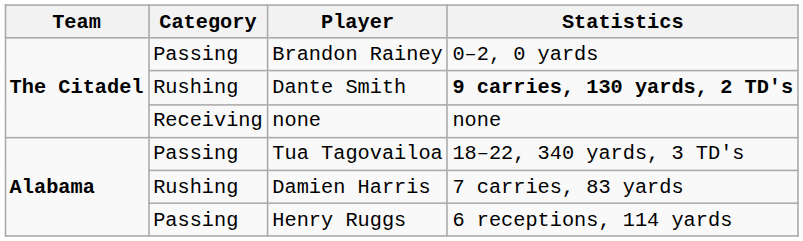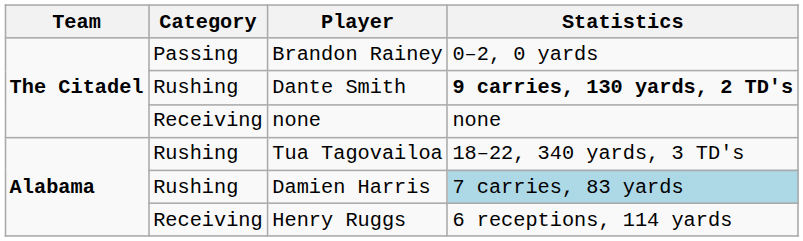 <table class="wikitable" style="float: right;">
 <tr>
 <th>Team</th>
 <th>Category</th>
 <th>Player</th>
 <th>Statistics</th>
 </tr>
 <tr>
 <td rowspan=3><strong>The Citadel</strong></td>
 <td>Passing</td>
 <td>Brandon Rainey</td>
 <td>0–2, 0 yards</td>
 </tr>
 <tr>
 <td>Rushing</td>
 <td>Dante Smith</td>
 <td><strong>9 carries, 130 yards, 2 TD's</strong></td>
 </tr>
 <tr>
 <td>Receiving</td>
 <td>none</td>
 <td>none</td>
 </tr>
 <tr>
 <td rowspan=3><strong>Alabama</strong></td>
-<td>Passing</td>
+<td>Rushing</td>
 <td>Tua Tagovailoa</td>
 <td>18–22, 340 yards, 3 TD's</td>
 </tr>
 <tr>
 <td>Rushing</td>
 <td>Damien Harris</td>
-<td>7 carries, 83 yards</td>
+<td style="background: lightblue;">7 carries, 83 yards</td>
 </tr>
 <tr>
-<td>Passing</td>
+<td>Receiving</td>
 <td>Henry Ruggs</td>
 <td>6 receptions, 114 yards</td>
 </tr>
 </table>
